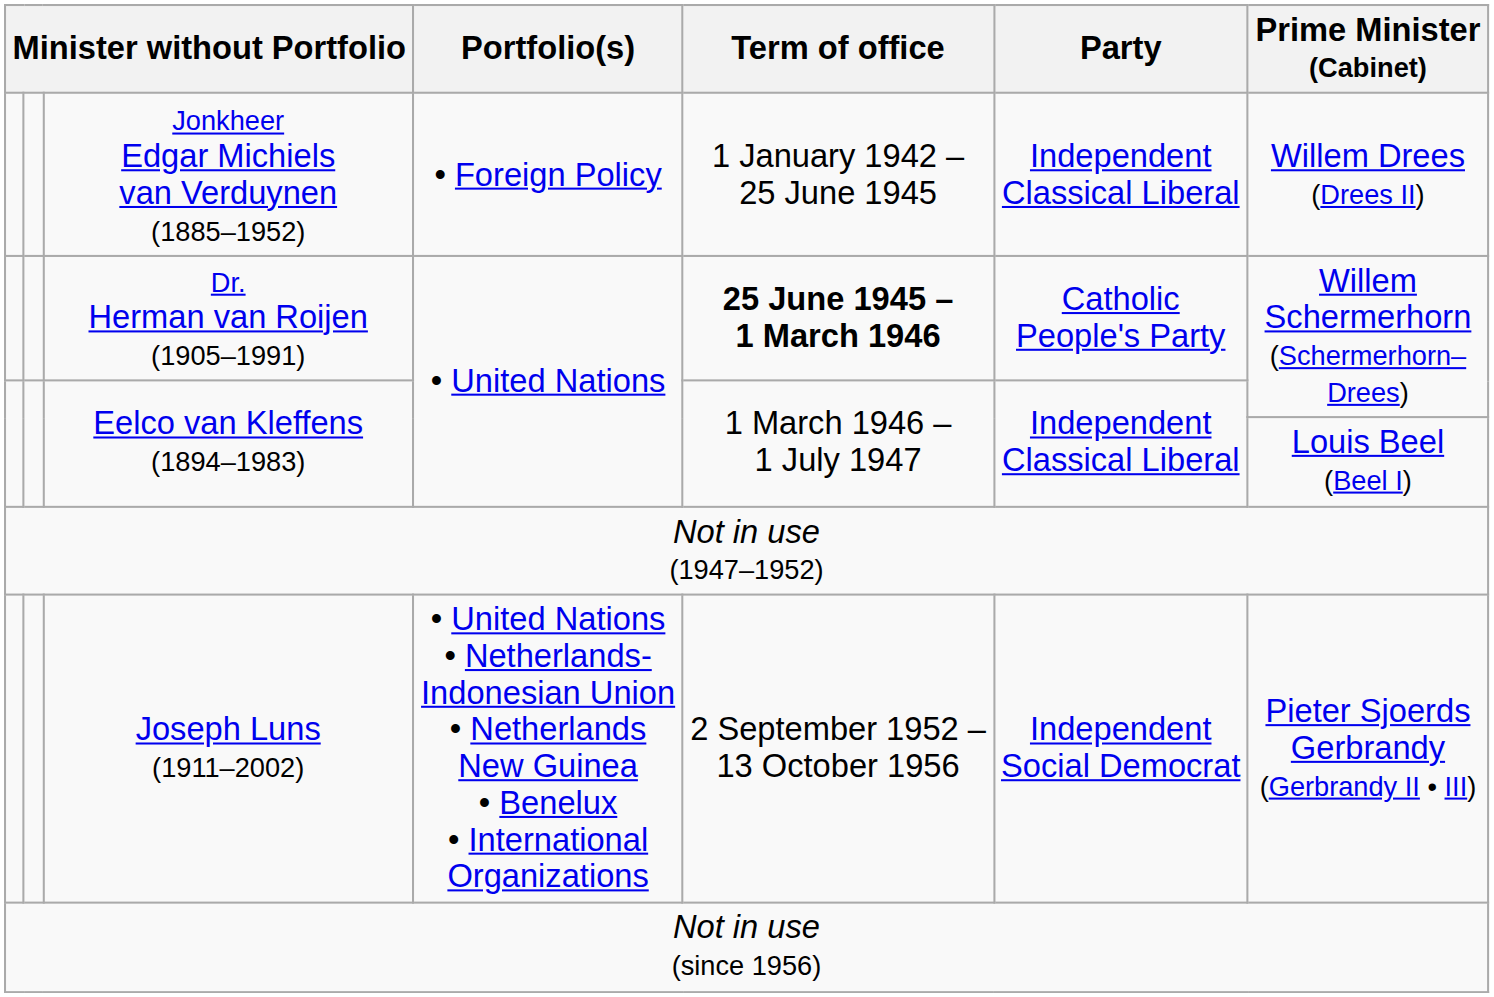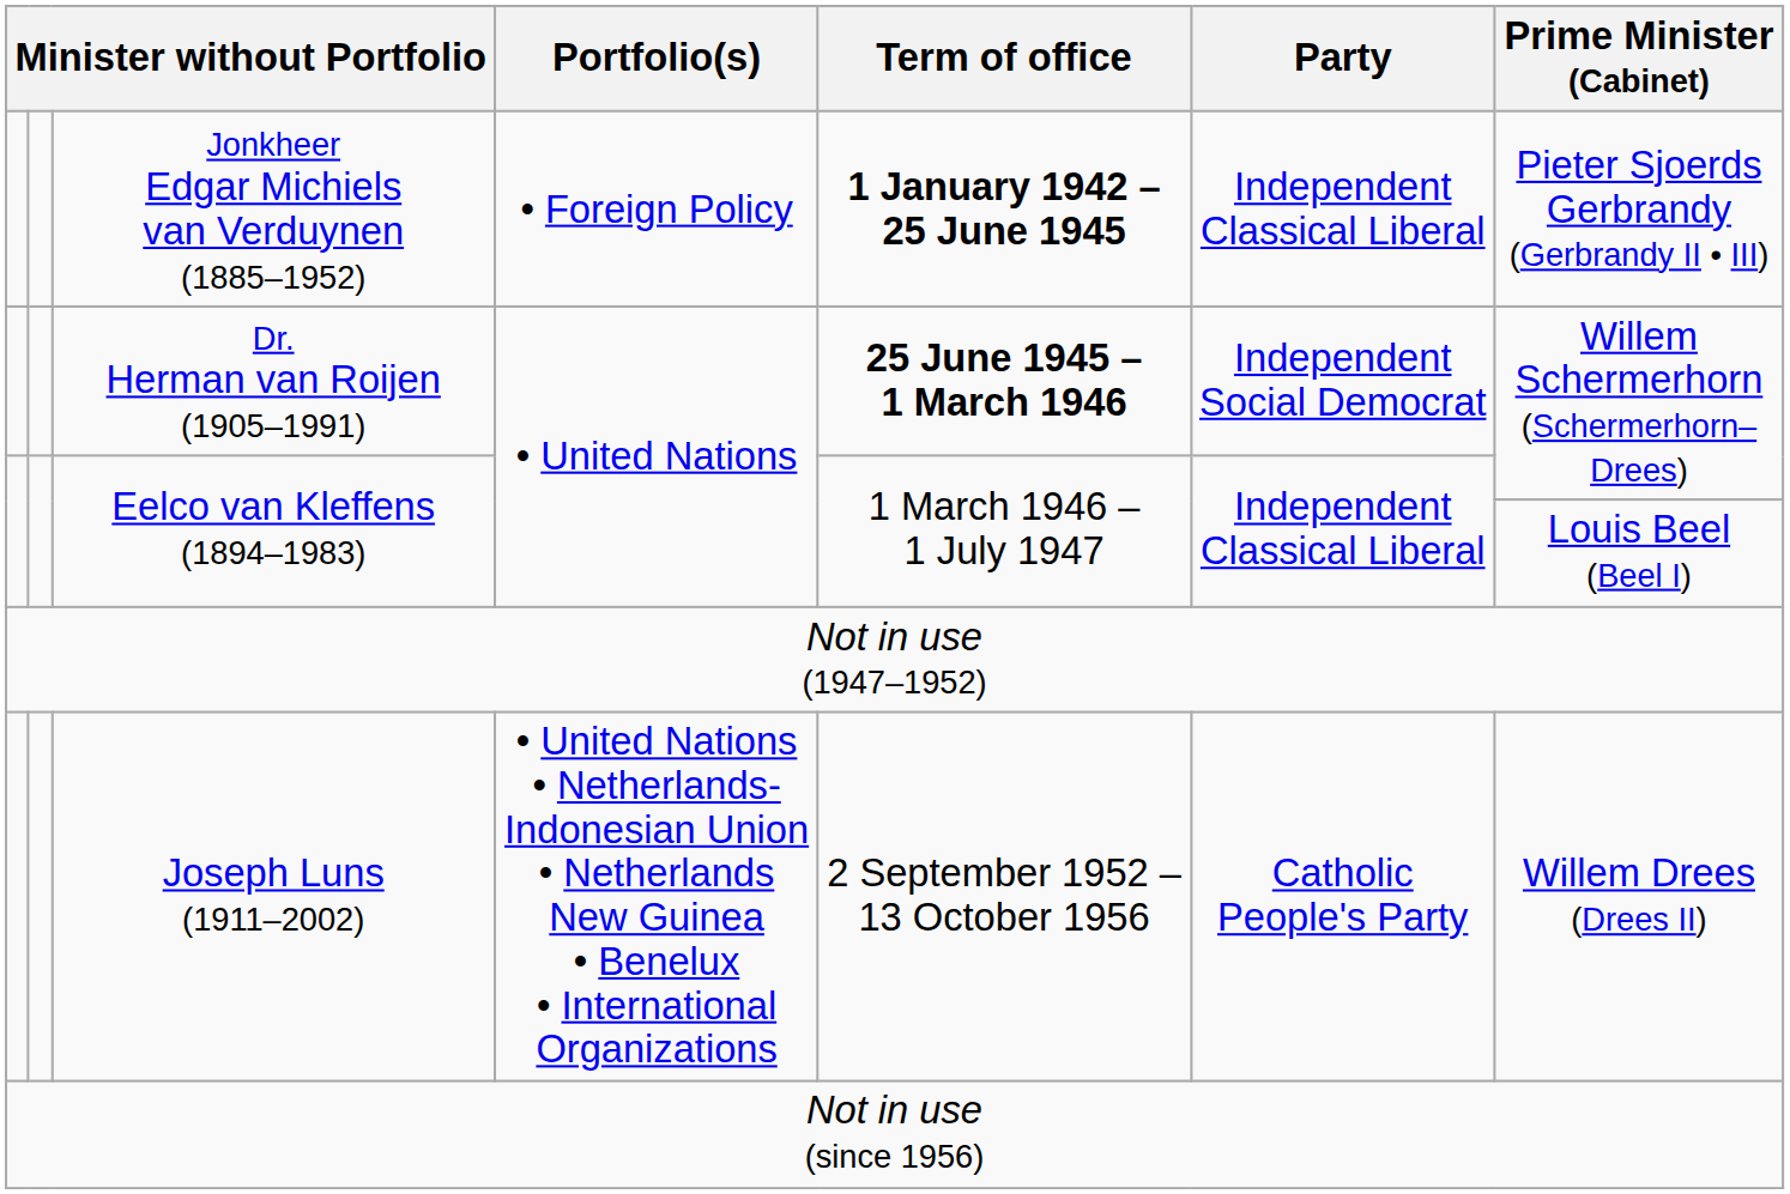 <table class="wikitable" style="text-align:center">
 <tr>
 <th colspan=3>Minister without Portfolio</th>
 <th>Portfolio(s)</th>
 <th>Term of office</th>
 <th>Party</th>
 <th>Prime Minister <br> <small>(Cabinet)</small></th>
 </tr>
 <tr>
 <td style="background:"></td>
 <td></td>
 <td><small><a href='#'>Jonkheer</a></small> <br> <a href='#'>Edgar Michiels <br> van Verduynen</a> <br> <small>(1885–1952)</small></td>
 <td>• <a href='#'>Foreign Policy</a></td>
-<td>1 January 1942 – <br> 25 June 1945</td>
+<td><strong>1 January 1942 – <br> 25 June 1945</strong></td>
 <td><a href='#'>Independent</a> <br> <a href='#'>Classical Liberal</a></td>
-<td><a href='#'>Willem Drees</a> <br> <small>(<a href='#'>Drees II</a>)</small> <br></td>
+<td><a href='#'>Pieter Sjoerds <br> Gerbrandy</a> <br> <small>(<a href='#'>Gerbrandy II</a> • <a href='#'>III</a>)</small> <br></td>
 </tr>
 <tr>
 <td style="background:"></td>
 <td></td>
 <td><small><a href='#'>Dr.</a></small> <br> <a href='#'>Herman van Roijen</a> <br> <small>(1905–1991)</small></td>
 <td rowspan=3>• <a href='#'>United Nations</a></td>
 <td><strong>25 June 1945 – <br> 1 March 1946 <br> </strong></td>
-<td><a href='#'>Catholic <br> People's Party</a></td>
+<td><a href='#'>Independent</a> <br> <a href='#'>Social Democrat</a></td>
 <td rowspan=2><a href='#'>Willem <br> Schermerhorn</a> <br> <small>(<a href='#'>Schermerhorn–<br>Drees</a>)</small> <br></td>
 </tr>
 <tr>
 <td rowspan=2 style="background:"></td>
 <td rowspan=2></td>
 <td rowspan=2><a href='#'>Eelco van Kleffens</a> <br> <small>(1894–1983)</small></td>
 <td rowspan=2>1 March 1946 – <br> 1 July 1947 <br> </td>
 <td rowspan=2><a href='#'>Independent</a> <br> <a href='#'>Classical Liberal</a></td>
 </tr>
 <tr>
 <td><a href='#'>Louis Beel</a> <br> <small>(<a href='#'>Beel I</a>)</small> <br></td>
 </tr>
 <tr>
 <td colspan=7><em>Not in use</em> <br> <small>(1947–1952)</small></td>
 </tr>
 <tr>
 <td style="background:"></td>
 <td></td>
 <td><a href='#'>Joseph Luns</a> <br> <small>(1911–2002)</small></td>
 <td>• <a href='#'>United Nations</a> <br> • <a href='#'>Netherlands-<br>Indonesian Union</a> <br> • <a href='#'>Netherlands <br> New Guinea</a> <br> • <a href='#'>Benelux</a> <br> • <a href='#'>International <br> Organizations</a></td>
 <td>2 September 1952 – <br> 13 October 1956</td>
-<td><a href='#'>Independent</a> <br> <a href='#'>Social Democrat</a></td>
-<td><a href='#'>Pieter Sjoerds <br> Gerbrandy</a> <br> <small>(<a href='#'>Gerbrandy II</a> • <a href='#'>III</a>)</small> <br></td>
+<td><a href='#'>Catholic <br> People's Party</a></td>
+<td><a href='#'>Willem Drees</a> <br> <small>(<a href='#'>Drees II</a>)</small> <br></td>
 </tr>
 <tr>
 <td colspan=7><em>Not in use</em> <br> <small>(since 1956)</small></td>
 </tr>
 <tr>
 </tr>
 </table>
